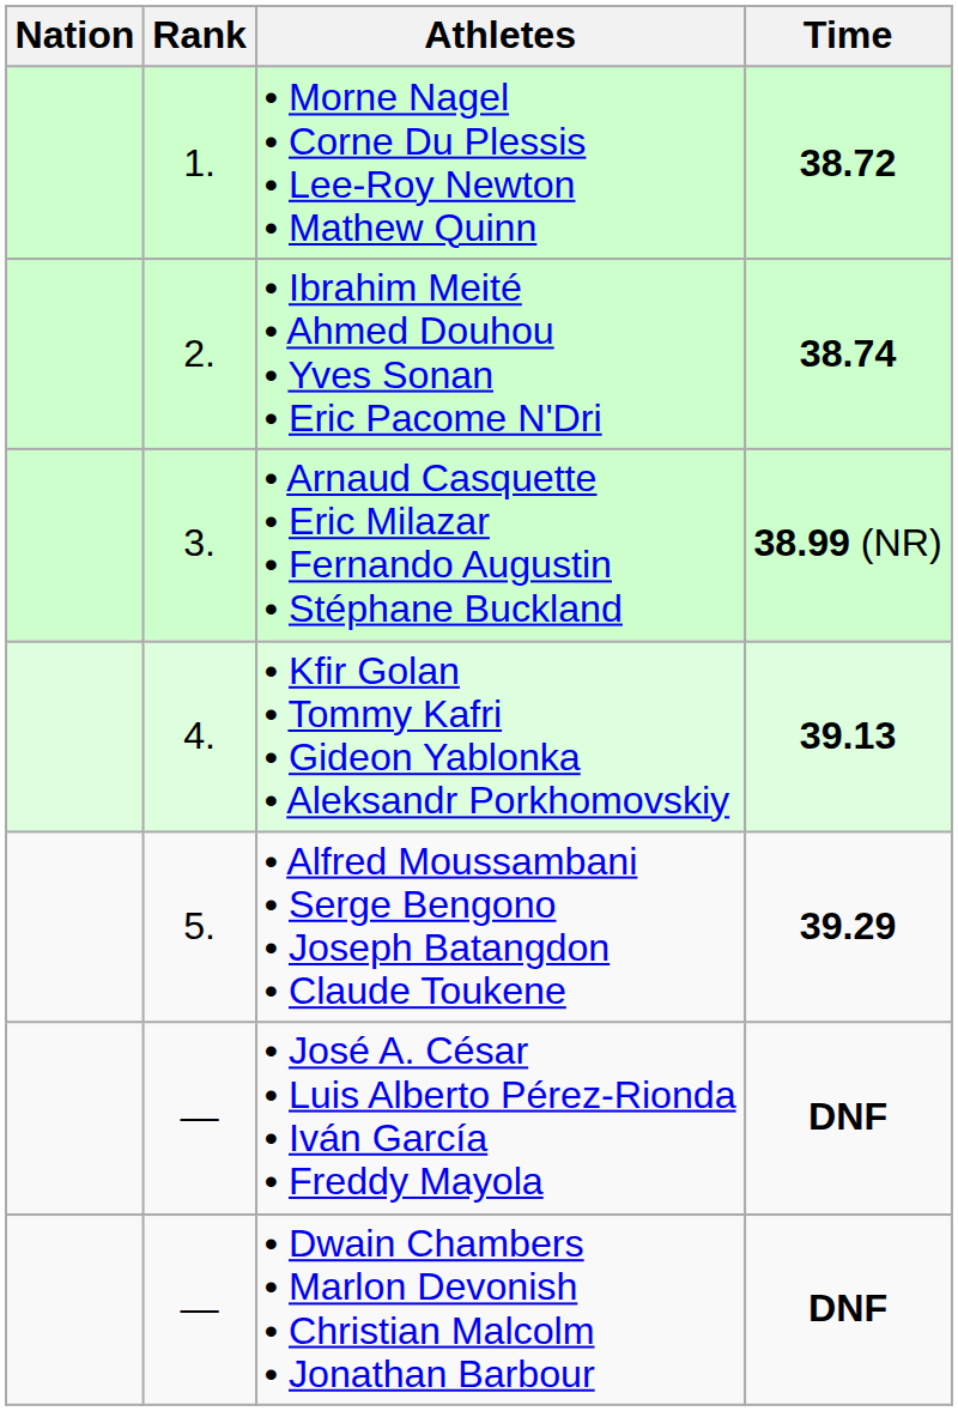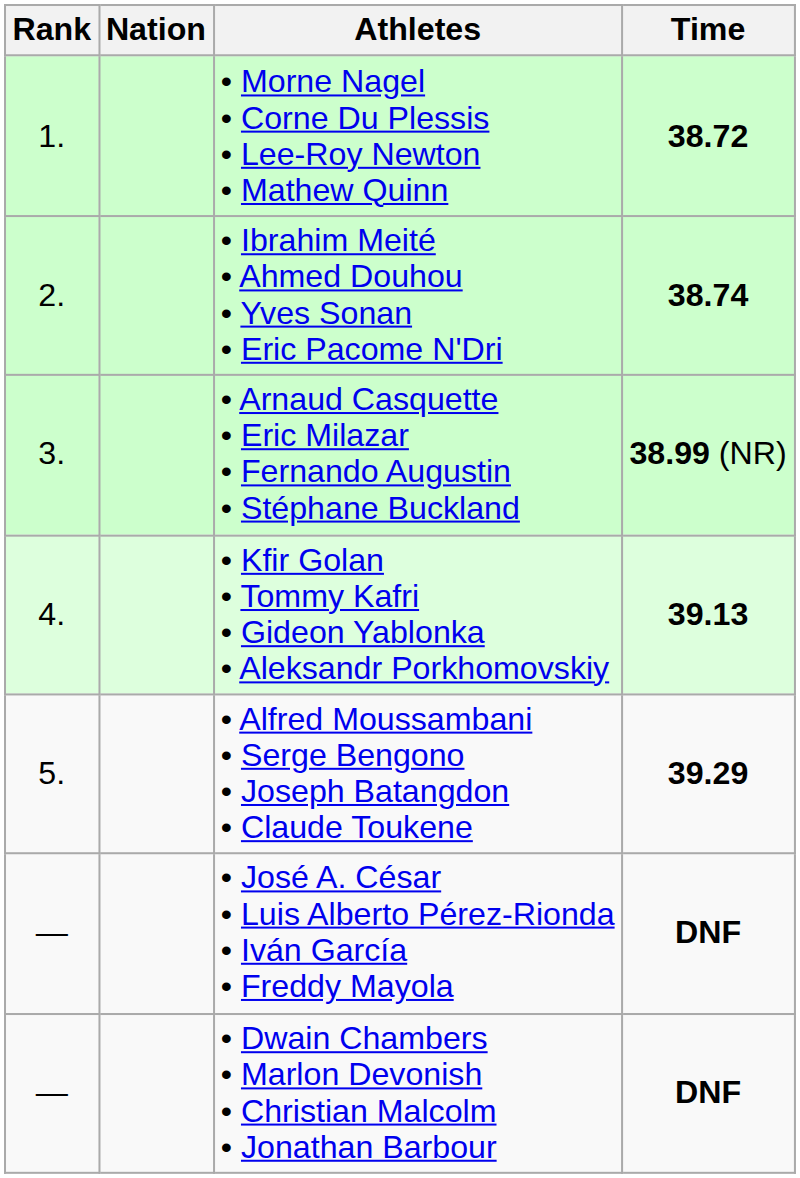 <table class="wikitable" style="text-align:center">
 <tr>
+<th>Rank</th>
 <th>Nation</th>
-<th>Rank</th>
 <th>Athletes</th>
 <th>Time</th>
 </tr>
 <tr style="background:#ccffcc;">
+<td>1.</td>
 <td align=left></td>
-<td>1.</td>
 <td align=left>• <a href='#'>Morne Nagel</a><br>• <a href='#'>Corne Du Plessis</a><br>• <a href='#'>Lee-Roy Newton</a><br>• <a href='#'>Mathew Quinn</a></td>
 <td><strong>38.72</strong></td>
 </tr>
 <tr style="background:#ccffcc;">
+<td>2.</td>
 <td align=left></td>
-<td>2.</td>
 <td align=left>• <a href='#'>Ibrahim Meité</a><br>• <a href='#'>Ahmed Douhou</a><br>• <a href='#'>Yves Sonan</a><br>• <a href='#'>Eric Pacome N'Dri</a></td>
 <td><strong>38.74</strong></td>
 </tr>
 <tr style="background:#ccffcc;">
+<td>3.</td>
 <td align=left></td>
-<td>3.</td>
 <td align=left>• <a href='#'>Arnaud Casquette</a><br>• <a href='#'>Eric Milazar</a><br>• <a href='#'>Fernando Augustin</a><br>• <a href='#'>Stéphane Buckland</a></td>
 <td><strong>38.99</strong> (NR)</td>
 </tr>
 <tr style="background:#ddffdd;">
+<td>4.</td>
 <td align=left></td>
-<td>4.</td>
 <td align=left>• <a href='#'>Kfir Golan</a><br>• <a href='#'>Tommy Kafri</a><br>• <a href='#'>Gideon Yablonka</a><br>• <a href='#'>Aleksandr Porkhomovskiy</a></td>
 <td><strong>39.13</strong></td>
 </tr>
 <tr>
+<td>5.</td>
 <td align=left></td>
-<td>5.</td>
 <td align=left>• <a href='#'>Alfred Moussambani</a><br>• <a href='#'>Serge Bengono</a><br>• <a href='#'>Joseph Batangdon</a><br>• <a href='#'>Claude Toukene</a></td>
 <td><strong>39.29</strong></td>
 </tr>
 <tr>
+<td>—</td>
 <td align=left></td>
-<td>—</td>
 <td align=left>• <a href='#'>José A. César</a><br>• <a href='#'>Luis Alberto Pérez-Rionda</a><br>• <a href='#'>Iván García</a><br>• <a href='#'>Freddy Mayola</a></td>
 <td><strong>DNF</strong></td>
 </tr>
 <tr>
+<td>—</td>
 <td align=left></td>
-<td>—</td>
 <td align=left>• <a href='#'>Dwain Chambers</a><br>• <a href='#'>Marlon Devonish</a><br>• <a href='#'>Christian Malcolm</a><br>• <a href='#'>Jonathan Barbour</a></td>
 <td><strong>DNF</strong></td>
 </tr>
 </table>
